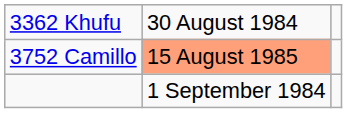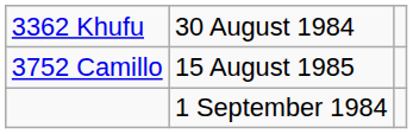 <table class="wikitable floatright" style="font-size: 0.9em;">
 <tr>
 <td><a href='#'>3362 Khufu</a></td>
 <td>30 August 1984</td>
 <td></td>
 </tr>
 <tr>
 <td><a href='#'>3752 Camillo</a></td>
-<td style="background: lightsalmon;">15 August 1985</td>
+<td>15 August 1985</td>
 <td></td>
 </tr>
 <tr>
 <td></td>
 <td>1 September 1984</td>
 <td></td>
 </tr>
 </table>
